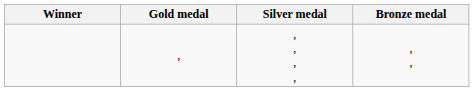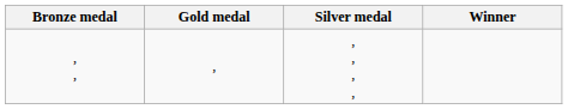 <table class = "wikitable" style="font-size: 95%; text-align: center;">
 <tr>
-<th width="140">Winner</th>
+<th width="140">Bronze medal</th>
 <th width="140">Gold medal</th>
 <th width="140">Silver medal</th>
-<th width="140">Bronze medal</th>
+<th width="140">Winner</th>
 </tr>
 <tr>
-<td></td>
+<td>, <br> , <br> </td>
 <td>,<br> </td>
 <td>,<br>,<br>,<br>,<br></td>
-<td>, <br> , <br> </td>
+<td></td>
 </tr>
 </table>
